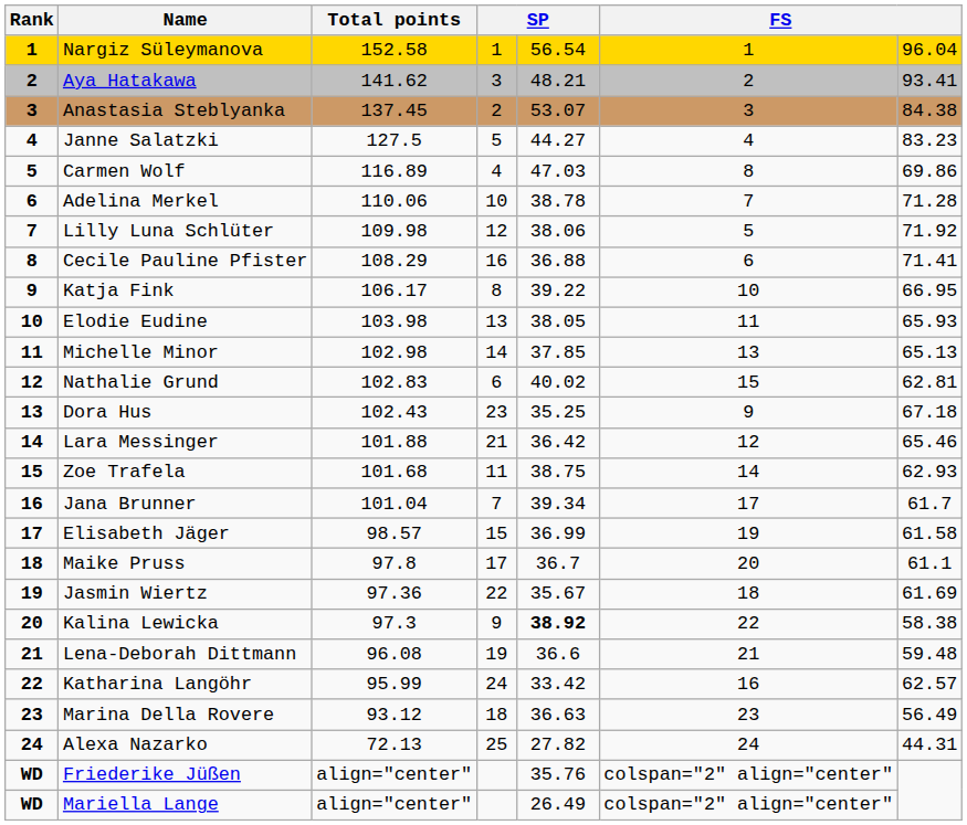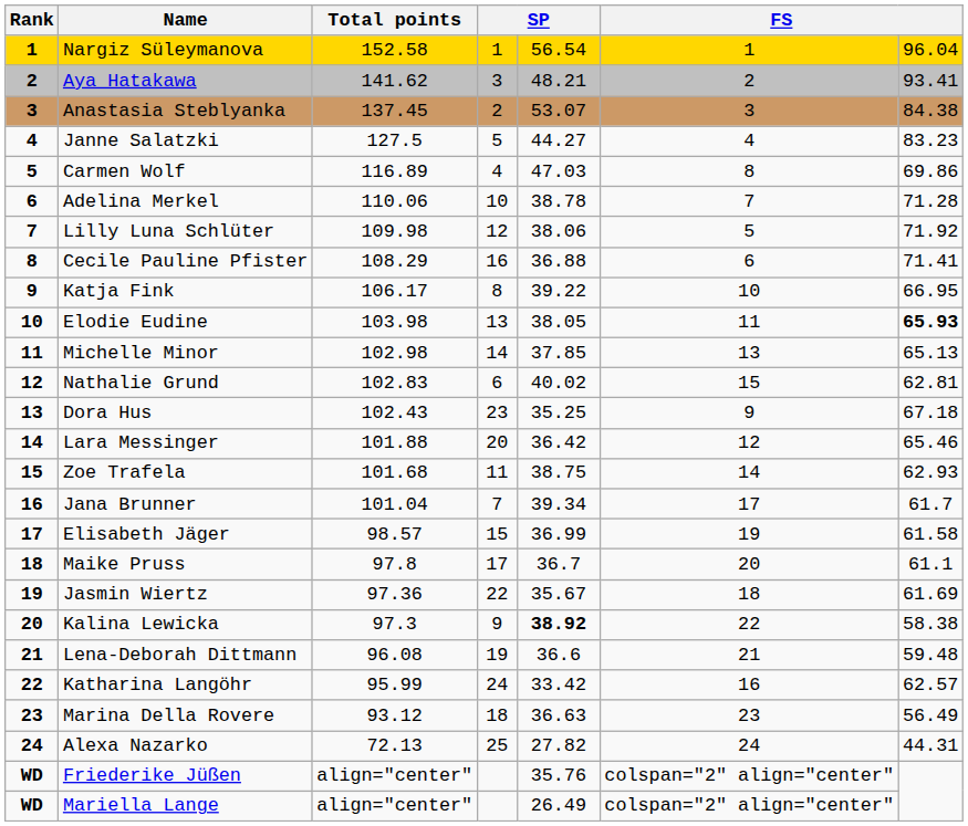 <table class="wikitable sortable">
 <tr>
 <th>Rank</th>
 <th>Name</th>
 <th>Total points</th>
 <th colspan="2" width="80px"><a href='#'>SP</a></th>
 <th colspan="2" width="80px"><a href='#'>FS</a></th>
 </tr>
 <tr bgcolor="gold">
 <td align="center"><strong>1</strong></td>
 <td>Nargiz Süleymanova</td>
 <td align="center">152.58</td>
 <td align="center">1</td>
 <td align="center">56.54</td>
 <td align="center">1</td>
 <td align="center">96.04</td>
 </tr>
 <tr bgcolor="silver">
 <td align="center"><strong>2</strong></td>
 <td><a href='#'>Aya Hatakawa</a></td>
 <td align="center">141.62</td>
 <td align="center">3</td>
 <td align="center">48.21</td>
 <td align="center">2</td>
 <td align="center">93.41</td>
 </tr>
 <tr bgcolor="cc9966">
 <td align="center"><strong>3</strong></td>
 <td>Anastasia Steblyanka</td>
 <td align="center">137.45</td>
 <td align="center">2</td>
 <td align="center">53.07</td>
 <td align="center">3</td>
 <td align="center">84.38</td>
 </tr>
 <tr>
 <td align="center"><strong>4</strong></td>
 <td>Janne Salatzki</td>
 <td align="center">127.5</td>
 <td align="center">5</td>
 <td align="center">44.27</td>
 <td align="center">4</td>
 <td align="center">83.23</td>
 </tr>
 <tr>
 <td align="center"><strong>5</strong></td>
 <td>Carmen Wolf</td>
 <td align="center">116.89</td>
 <td align="center">4</td>
 <td align="center">47.03</td>
 <td align="center">8</td>
 <td align="center">69.86</td>
 </tr>
 <tr>
 <td align="center"><strong>6</strong></td>
 <td>Adelina Merkel</td>
 <td align="center">110.06</td>
 <td align="center">10</td>
 <td align="center">38.78</td>
 <td align="center">7</td>
 <td align="center">71.28</td>
 </tr>
 <tr>
 <td align="center"><strong>7</strong></td>
 <td>Lilly Luna Schlüter</td>
 <td align="center">109.98</td>
 <td align="center">12</td>
 <td align="center">38.06</td>
 <td align="center">5</td>
 <td align="center">71.92</td>
 </tr>
 <tr>
 <td align="center"><strong>8</strong></td>
 <td>Cecile Pauline Pfister</td>
 <td align="center">108.29</td>
 <td align="center">16</td>
 <td align="center">36.88</td>
 <td align="center">6</td>
 <td align="center">71.41</td>
 </tr>
 <tr>
 <td align="center"><strong>9</strong></td>
 <td>Katja Fink</td>
 <td align="center">106.17</td>
 <td align="center">8</td>
 <td align="center">39.22</td>
 <td align="center">10</td>
 <td align="center">66.95</td>
 </tr>
 <tr>
 <td align="center"><strong>10</strong></td>
 <td>Elodie Eudine</td>
 <td align="center">103.98</td>
 <td align="center">13</td>
 <td align="center">38.05</td>
 <td align="center">11</td>
-<td align="center">65.93</td>
+<td align="center"><strong>65.93</strong></td>
 </tr>
 <tr>
 <td align="center"><strong>11</strong></td>
 <td>Michelle Minor</td>
 <td align="center">102.98</td>
 <td align="center">14</td>
 <td align="center">37.85</td>
 <td align="center">13</td>
 <td align="center">65.13</td>
 </tr>
 <tr>
 <td align="center"><strong>12</strong></td>
 <td>Nathalie Grund</td>
 <td align="center">102.83</td>
 <td align="center">6</td>
 <td align="center">40.02</td>
 <td align="center">15</td>
 <td align="center">62.81</td>
 </tr>
 <tr>
 <td align="center"><strong>13</strong></td>
 <td>Dora Hus</td>
 <td align="center">102.43</td>
 <td align="center">23</td>
 <td align="center">35.25</td>
 <td align="center">9</td>
 <td align="center">67.18</td>
 </tr>
 <tr>
 <td align="center"><strong>14</strong></td>
 <td>Lara Messinger</td>
 <td align="center">101.88</td>
-<td align="center">21</td>
+<td align="center">20</td>
 <td align="center">36.42</td>
 <td align="center">12</td>
 <td align="center">65.46</td>
 </tr>
 <tr>
 <td align="center"><strong>15</strong></td>
 <td>Zoe Trafela</td>
 <td align="center">101.68</td>
 <td align="center">11</td>
 <td align="center">38.75</td>
 <td align="center">14</td>
 <td align="center">62.93</td>
 </tr>
 <tr>
 <td align="center"><strong>16</strong></td>
 <td>Jana Brunner</td>
 <td align="center">101.04</td>
 <td align="center">7</td>
 <td align="center">39.34</td>
 <td align="center">17</td>
 <td align="center">61.7</td>
 </tr>
 <tr>
 <td align="center"><strong>17</strong></td>
 <td>Elisabeth Jäger</td>
 <td align="center">98.57</td>
 <td align="center">15</td>
 <td align="center">36.99</td>
 <td align="center">19</td>
 <td align="center">61.58</td>
 </tr>
 <tr>
 <td align="center"><strong>18</strong></td>
 <td>Maike Pruss</td>
 <td align="center">97.8</td>
 <td align="center">17</td>
 <td align="center">36.7</td>
 <td align="center">20</td>
 <td align="center">61.1</td>
 </tr>
 <tr>
 <td align="center"><strong>19</strong></td>
 <td>Jasmin Wiertz</td>
 <td align="center">97.36</td>
 <td align="center">22</td>
 <td align="center">35.67</td>
 <td align="center">18</td>
 <td align="center">61.69</td>
 </tr>
 <tr>
 <td align="center"><strong>20</strong></td>
 <td>Kalina Lewicka</td>
 <td align="center">97.3</td>
 <td align="center">9</td>
 <td align="center"><strong>38.92</strong></td>
 <td align="center">22</td>
 <td align="center">58.38</td>
 </tr>
 <tr>
 <td align="center"><strong>21</strong></td>
 <td>Lena-Deborah Dittmann</td>
 <td align="center">96.08</td>
 <td align="center">19</td>
 <td align="center">36.6</td>
 <td align="center">21</td>
 <td align="center">59.48</td>
 </tr>
 <tr>
 <td align="center"><strong>22</strong></td>
 <td>Katharina Langöhr</td>
 <td align="center">95.99</td>
 <td align="center">24</td>
 <td align="center">33.42</td>
 <td align="center">16</td>
 <td align="center">62.57</td>
 </tr>
 <tr>
 <td align="center"><strong>23</strong></td>
 <td>Marina Della Rovere</td>
 <td align="center">93.12</td>
 <td align="center">18</td>
 <td align="center">36.63</td>
 <td align="center">23</td>
 <td align="center">56.49</td>
 </tr>
 <tr>
 <td align="center"><strong>24</strong></td>
 <td>Alexa Nazarko</td>
 <td align="center">72.13</td>
 <td align="center">25</td>
 <td align="center">27.82</td>
 <td align="center">24</td>
 <td align="center">44.31</td>
 </tr>
 <tr>
 <td align="center"><strong>WD</strong></td>
 <td><a href='#'>Friederike Jüßen</a></td>
 <td>align="center" </td>
 <td align="center"></td>
 <td align="center">35.76</td>
 <td>colspan="2" align="center" </td>
 </tr>
 <tr>
 <td align="center"><strong>WD</strong></td>
 <td><a href='#'>Mariella Lange</a></td>
 <td>align="center" </td>
 <td align="center"></td>
 <td align="center">26.49</td>
 <td>colspan="2" align="center" </td>
 </tr>
 </table>
